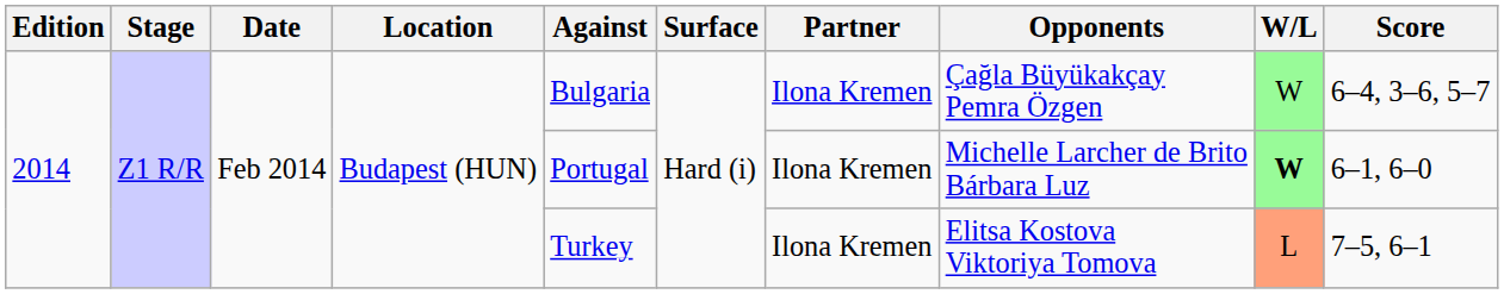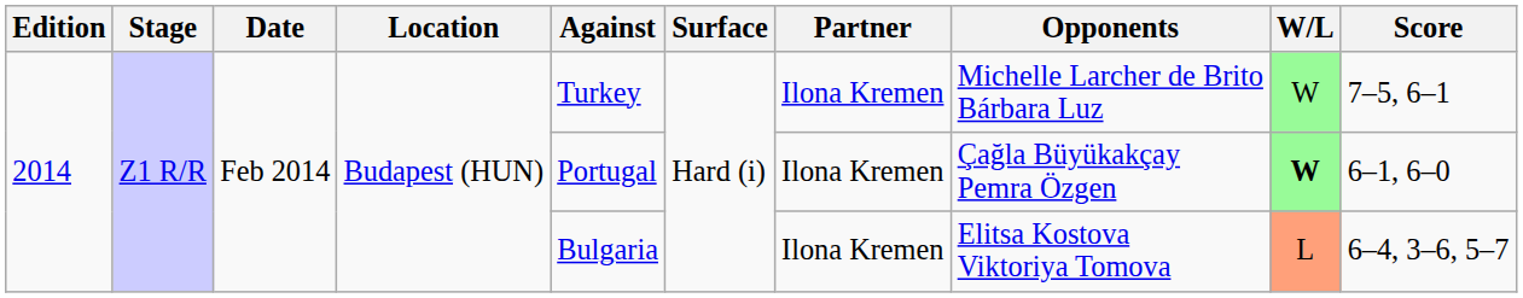 <table class=wikitable>
 <tr>
 <th>Edition</th>
 <th>Stage</th>
 <th>Date</th>
 <th>Location</th>
 <th>Against</th>
 <th>Surface</th>
 <th>Partner</th>
 <th>Opponents</th>
 <th>W/L</th>
 <th>Score</th>
 </tr>
 <tr>
 <td rowspan="3"><a href='#'>2014</a></td>
 <td style="background:#ccf;" rowspan="3"><a href='#'>Z1 R/R</a></td>
 <td rowspan="3">Feb 2014</td>
 <td rowspan="3"><a href='#'>Budapest</a> (HUN)</td>
-<td> <a href='#'>Bulgaria</a></td>
+<td> <a href='#'>Turkey</a></td>
 <td rowspan="3">Hard (i)</td>
 <td><a href='#'>Ilona Kremen</a></td>
-<td><a href='#'>Çağla Büyükakçay</a> <br> <a href='#'>Pemra Özgen</a></td>
+<td><a href='#'>Michelle Larcher de Brito</a> <br> <a href='#'>Bárbara Luz</a></td>
 <td style="text-align:center; background:#98fb98;">W</td>
-<td>6–4, 3–6, 5–7</td>
+<td>7–5, 6–1</td>
 </tr>
 <tr>
 <td> <a href='#'>Portugal</a></td>
 <td>Ilona Kremen</td>
-<td><a href='#'>Michelle Larcher de Brito</a> <br> <a href='#'>Bárbara Luz</a></td>
+<td><a href='#'>Çağla Büyükakçay</a> <br> <a href='#'>Pemra Özgen</a></td>
 <td style="text-align:center; background:#98fb98;"><strong>W</strong></td>
 <td>6–1, 6–0</td>
 </tr>
 <tr>
-<td> <a href='#'>Turkey</a></td>
+<td> <a href='#'>Bulgaria</a></td>
 <td>Ilona Kremen</td>
 <td><a href='#'>Elitsa Kostova</a> <br> <a href='#'>Viktoriya Tomova</a></td>
 <td style="text-align:center; background:#ffa07a;">L</td>
-<td>7–5, 6–1</td>
+<td>6–4, 3–6, 5–7</td>
 </tr>
 </table>
